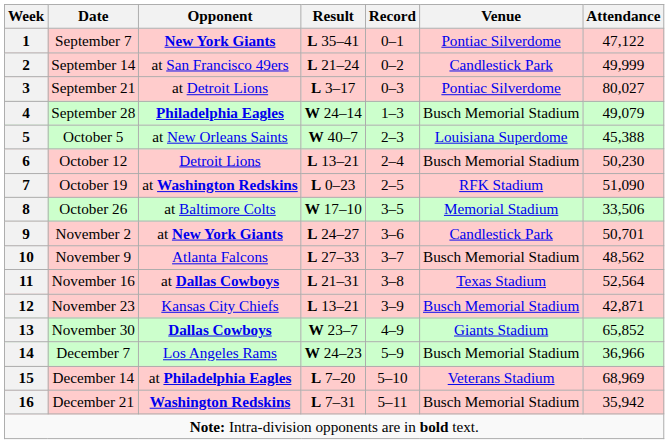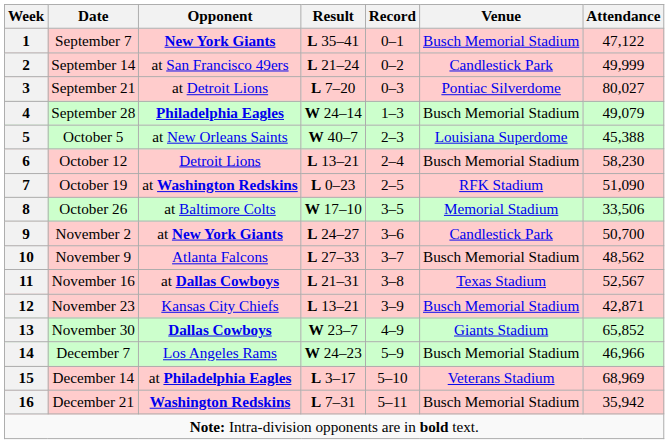 <table class="wikitable" style="text-align:center">
 <tr>
 <th>Week</th>
 <th>Date</th>
 <th>Opponent</th>
 <th>Result</th>
 <th>Record</th>
 <th>Venue</th>
 <th>Attendance</th>
 </tr>
 <tr style="background:#fcc">
 <th>1</th>
 <td>September 7</td>
 <td><strong><a href='#'>New York Giants</a></strong></td>
 <td><strong>L</strong> 35–41</td>
 <td>0–1</td>
-<td><a href='#'>Pontiac Silverdome</a></td>
+<td><a href='#'>Busch Memorial Stadium</a></td>
 <td>47,122</td>
 </tr>
 <tr style="background:#fcc">
 <th>2</th>
 <td>September 14</td>
 <td>at <a href='#'>San Francisco 49ers</a></td>
 <td><strong>L</strong> 21–24</td>
 <td>0–2</td>
 <td><a href='#'>Candlestick Park</a></td>
 <td>49,999</td>
 </tr>
 <tr style="background:#fcc">
 <th>3</th>
 <td>September 21</td>
 <td>at <a href='#'>Detroit Lions</a></td>
-<td><strong>L</strong> 3–17</td>
+<td><strong>L</strong> 7–20</td>
 <td>0–3</td>
 <td><a href='#'>Pontiac Silverdome</a></td>
 <td>80,027</td>
 </tr>
 <tr style="background:#cfc">
 <th>4</th>
 <td>September 28</td>
 <td><strong><a href='#'>Philadelphia Eagles</a></strong></td>
 <td><strong>W</strong> 24–14</td>
 <td>1–3</td>
 <td>Busch Memorial Stadium</td>
 <td>49,079</td>
 </tr>
 <tr style="background:#cfc">
 <th>5</th>
 <td>October 5</td>
 <td>at <a href='#'>New Orleans Saints</a></td>
 <td><strong>W</strong> 40–7</td>
 <td>2–3</td>
 <td><a href='#'>Louisiana Superdome</a></td>
 <td>45,388</td>
 </tr>
 <tr style="background:#fcc">
 <th>6</th>
 <td>October 12</td>
 <td><a href='#'>Detroit Lions</a></td>
 <td><strong>L</strong> 13–21</td>
 <td>2–4</td>
 <td>Busch Memorial Stadium</td>
-<td>50,230</td>
+<td>58,230</td>
 </tr>
 <tr style="background:#fcc">
 <th>7</th>
 <td>October 19</td>
 <td>at <strong><a href='#'>Washington Redskins</a></strong></td>
 <td><strong>L</strong> 0–23</td>
 <td>2–5</td>
 <td><a href='#'>RFK Stadium</a></td>
 <td>51,090</td>
 </tr>
 <tr style="background:#cfc">
 <th>8</th>
 <td>October 26</td>
 <td>at <a href='#'>Baltimore Colts</a></td>
 <td><strong>W</strong> 17–10</td>
 <td>3–5</td>
 <td><a href='#'>Memorial Stadium</a></td>
 <td>33,506</td>
 </tr>
 <tr style="background:#fcc">
 <th>9</th>
 <td>November 2</td>
 <td>at <strong><a href='#'>New York Giants</a></strong></td>
 <td><strong>L</strong> 24–27</td>
 <td>3–6</td>
 <td><a href='#'>Candlestick Park</a></td>
-<td>50,701</td>
+<td>50,700</td>
 </tr>
 <tr style="background:#fcc">
 <th>10</th>
 <td>November 9</td>
 <td><a href='#'>Atlanta Falcons</a></td>
 <td><strong>L</strong> 27–33</td>
 <td>3–7</td>
 <td>Busch Memorial Stadium</td>
 <td>48,562</td>
 </tr>
 <tr style="background:#fcc">
 <th>11</th>
 <td>November 16</td>
 <td>at <strong><a href='#'>Dallas Cowboys</a></strong></td>
 <td><strong>L</strong> 21–31</td>
 <td>3–8</td>
 <td><a href='#'>Texas Stadium</a></td>
-<td>52,564</td>
+<td>52,567</td>
 </tr>
 <tr style="background:#fcc">
 <th>12</th>
 <td>November 23</td>
 <td><a href='#'>Kansas City Chiefs</a></td>
 <td><strong>L</strong> 13–21</td>
 <td>3–9</td>
 <td><a href='#'>Busch Memorial Stadium</a></td>
 <td>42,871</td>
 </tr>
 <tr style="background:#cfc">
 <th>13</th>
 <td>November 30</td>
 <td><strong><a href='#'>Dallas Cowboys</a></strong></td>
 <td><strong>W</strong> 23–7</td>
 <td>4–9</td>
 <td><a href='#'>Giants Stadium</a></td>
 <td>65,852</td>
 </tr>
 <tr style="background:#cfc">
 <th>14</th>
 <td>December 7</td>
 <td><a href='#'>Los Angeles Rams</a></td>
 <td><strong>W</strong> 24–23</td>
 <td>5–9</td>
 <td>Busch Memorial Stadium</td>
-<td>36,966</td>
+<td>46,966</td>
 </tr>
 <tr style="background:#fcc">
 <th>15</th>
 <td>December 14</td>
 <td>at <strong><a href='#'>Philadelphia Eagles</a></strong></td>
-<td><strong>L</strong> 7–20</td>
+<td><strong>L</strong> 3–17</td>
 <td>5–10</td>
 <td><a href='#'>Veterans Stadium</a></td>
 <td>68,969</td>
 </tr>
 <tr style="background:#fcc">
 <th>16</th>
 <td>December 21</td>
 <td><strong><a href='#'>Washington Redskins</a></strong></td>
 <td><strong>L</strong> 7–31</td>
 <td>5–11</td>
 <td>Busch Memorial Stadium</td>
 <td>35,942</td>
 </tr>
 <tr>
 <td colspan="8"><strong>Note:</strong> Intra-division opponents are in <strong>bold</strong> text.</td>
 </tr>
 </table>
